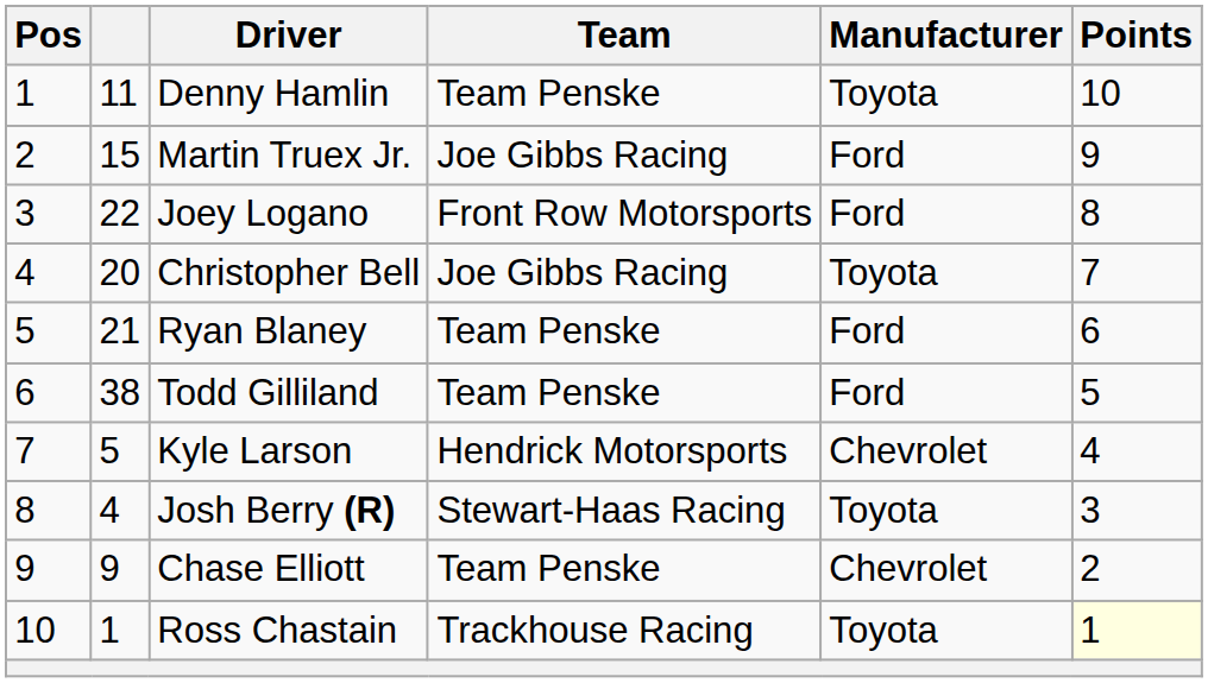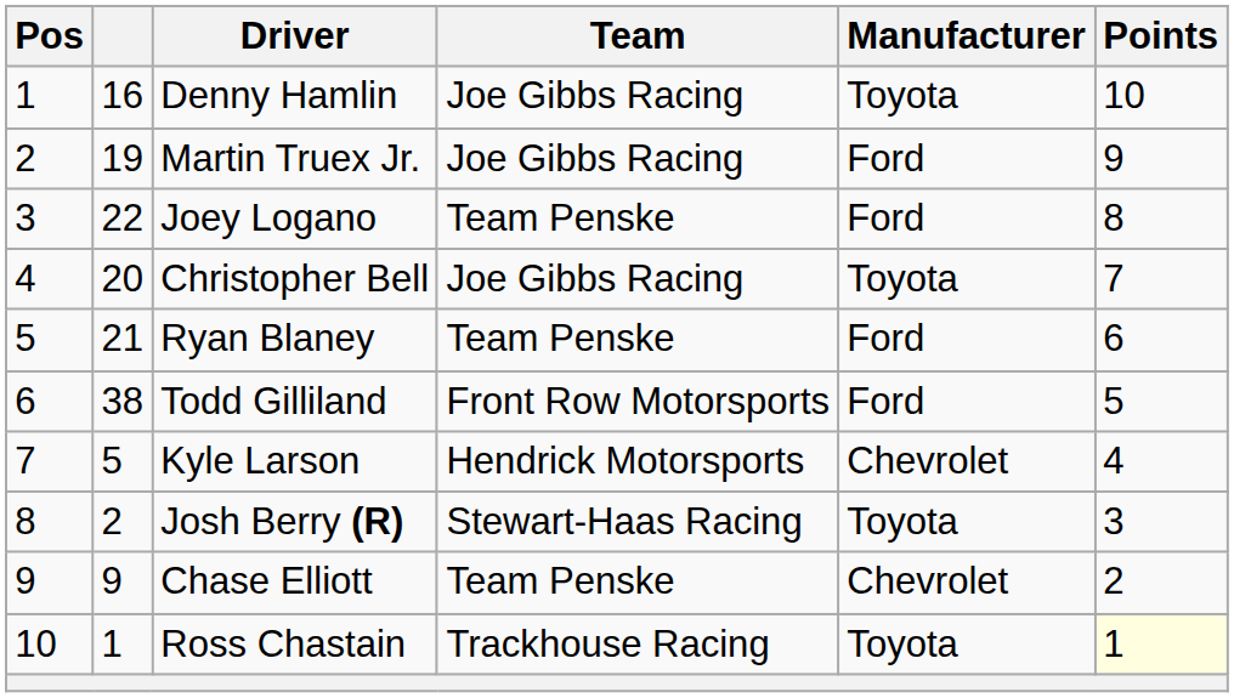 <table class="wikitable" style="font-size:98%">
 <tr>
 <th>Pos</th>
 <th></th>
 <th>Driver</th>
 <th>Team</th>
 <th>Manufacturer</th>
 <th>Points</th>
 </tr>
 <tr>
 <td>1</td>
-<td>11</td>
+<td>16</td>
 <td>Denny Hamlin</td>
-<td>Team Penske</td>
+<td>Joe Gibbs Racing</td>
 <td>Toyota</td>
 <td>10</td>
 </tr>
 <tr>
 <td>2</td>
-<td>15</td>
+<td>19</td>
 <td>Martin Truex Jr.</td>
 <td>Joe Gibbs Racing</td>
 <td>Ford</td>
 <td>9</td>
 </tr>
 <tr>
 <td>3</td>
 <td>22</td>
 <td>Joey Logano</td>
-<td>Front Row Motorsports</td>
+<td>Team Penske</td>
 <td>Ford</td>
 <td>8</td>
 </tr>
 <tr>
 <td>4</td>
 <td>20</td>
 <td>Christopher Bell</td>
 <td>Joe Gibbs Racing</td>
 <td>Toyota</td>
 <td>7</td>
 </tr>
 <tr>
 <td>5</td>
 <td>21</td>
 <td>Ryan Blaney</td>
 <td>Team Penske</td>
 <td>Ford</td>
 <td>6</td>
 </tr>
 <tr>
 <td>6</td>
 <td>38</td>
 <td>Todd Gilliland</td>
-<td>Team Penske</td>
+<td>Front Row Motorsports</td>
 <td>Ford</td>
 <td>5</td>
 </tr>
 <tr>
 <td>7</td>
 <td>5</td>
 <td>Kyle Larson</td>
 <td>Hendrick Motorsports</td>
 <td>Chevrolet</td>
 <td>4</td>
 </tr>
 <tr>
 <td>8</td>
-<td>4</td>
+<td>2</td>
 <td>Josh Berry <strong>(R)</strong></td>
 <td>Stewart-Haas Racing</td>
 <td>Toyota</td>
 <td>3</td>
 </tr>
 <tr>
 <td>9</td>
 <td>9</td>
 <td>Chase Elliott</td>
 <td>Team Penske</td>
 <td>Chevrolet</td>
 <td>2</td>
 </tr>
 <tr>
 <td>10</td>
 <td>1</td>
 <td>Ross Chastain</td>
 <td>Trackhouse Racing</td>
 <td>Toyota</td>
 <td style="background: lightyellow;">1</td>
 </tr>
 <tr>
 <th colspan="6"></th>
 </tr>
 </table>
